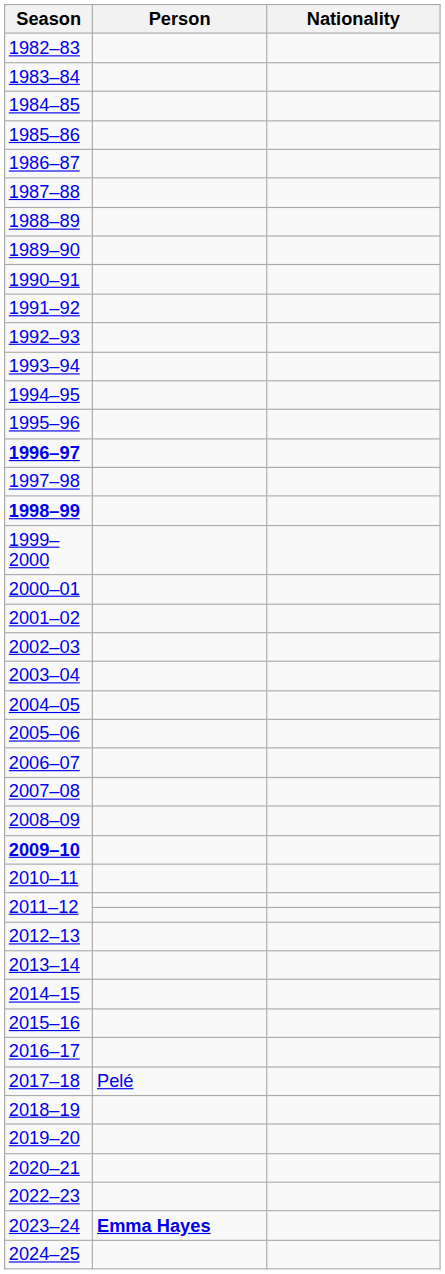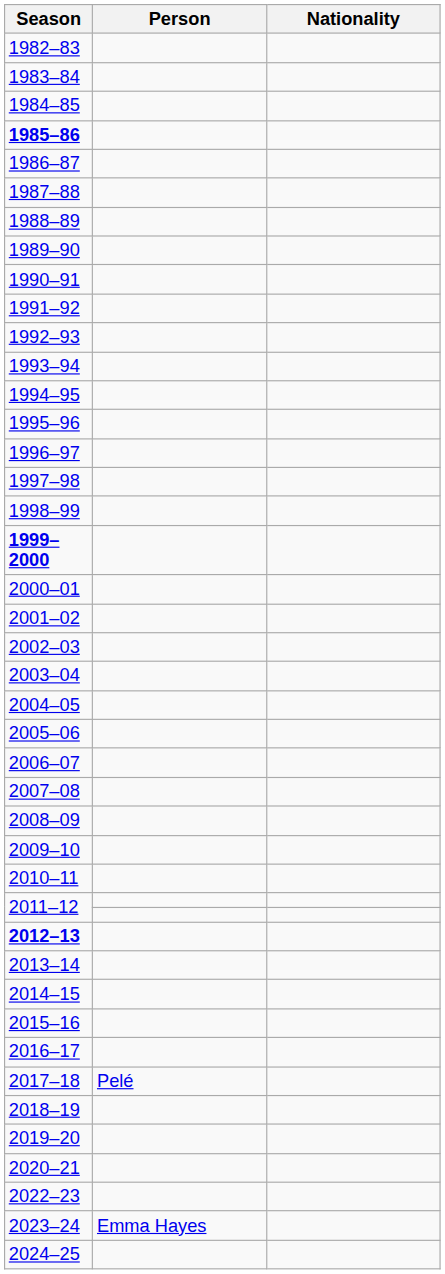 <table class="sortable wikitable plainrowheaders">
 <tr>
 <th scope="col" width=70px>Season</th>
 <th scope="col" width=145px>Person</th>
 <th scope="col" width=145px>Nationality</th>
 </tr>
 <tr>
 <td><a href='#'>1982–83</a></td>
 <td></td>
 <td></td>
 </tr>
 <tr>
 <td><a href='#'>1983–84</a></td>
 <td></td>
 <td></td>
 </tr>
 <tr>
 <td><a href='#'>1984–85</a></td>
 <td></td>
 <td></td>
 </tr>
 <tr>
-<td><a href='#'>1985–86</a></td>
+<td><strong><a href='#'>1985–86</a></strong></td>
 <td></td>
 <td></td>
 </tr>
 <tr>
 <td><a href='#'>1986–87</a></td>
 <td></td>
 <td></td>
 </tr>
 <tr>
 <td><a href='#'>1987–88</a></td>
 <td></td>
 <td></td>
 </tr>
 <tr>
 <td><a href='#'>1988–89</a></td>
 <td></td>
 <td></td>
 </tr>
 <tr>
 <td><a href='#'>1989–90</a></td>
 <td></td>
 <td></td>
 </tr>
 <tr>
 <td><a href='#'>1990–91</a></td>
 <td></td>
 <td></td>
 </tr>
 <tr>
 <td><a href='#'>1991–92</a></td>
 <td></td>
 <td></td>
 </tr>
 <tr>
 <td><a href='#'>1992–93</a></td>
 <td></td>
 <td></td>
 </tr>
 <tr>
 <td><a href='#'>1993–94</a></td>
 <td></td>
 <td></td>
 </tr>
 <tr>
 <td><a href='#'>1994–95</a></td>
 <td></td>
 <td></td>
 </tr>
 <tr>
 <td><a href='#'>1995–96</a></td>
 <td></td>
 <td></td>
 </tr>
 <tr>
-<td><strong><a href='#'>1996–97</a></strong></td>
+<td><a href='#'>1996–97</a></td>
 <td></td>
 <td></td>
 </tr>
 <tr>
 <td><a href='#'>1997–98</a></td>
 <td></td>
 <td></td>
 </tr>
 <tr>
-<td><strong><a href='#'>1998–99</a></strong></td>
+<td><a href='#'>1998–99</a></td>
 <td></td>
 <td></td>
 </tr>
 <tr>
-<td><a href='#'>1999–2000</a></td>
+<td><strong><a href='#'>1999–2000</a></strong></td>
 <td></td>
 <td></td>
 </tr>
 <tr>
 <td><a href='#'>2000–01</a></td>
 <td></td>
 <td></td>
 </tr>
 <tr>
 <td><a href='#'>2001–02</a></td>
 <td></td>
 <td></td>
 </tr>
 <tr>
 <td><a href='#'>2002–03</a></td>
 <td></td>
 <td></td>
 </tr>
 <tr>
 <td><a href='#'>2003–04</a></td>
 <td></td>
 <td></td>
 </tr>
 <tr>
 <td><a href='#'>2004–05</a></td>
 <td></td>
 <td></td>
 </tr>
 <tr>
 <td><a href='#'>2005–06</a></td>
 <td></td>
 <td></td>
 </tr>
 <tr>
 <td><a href='#'>2006–07</a></td>
 <td></td>
 <td></td>
 </tr>
 <tr>
 <td><a href='#'>2007–08</a></td>
 <td></td>
 <td></td>
 </tr>
 <tr>
 <td><a href='#'>2008–09</a></td>
 <td></td>
 <td></td>
 </tr>
 <tr>
-<td><strong><a href='#'>2009–10</a></strong></td>
+<td><a href='#'>2009–10</a></td>
 <td></td>
 <td></td>
 </tr>
 <tr>
 <td><a href='#'>2010–11</a></td>
 <td></td>
 <td></td>
 </tr>
 <tr>
 <td rowspan="2"><a href='#'>2011–12</a></td>
 <td></td>
 <td></td>
 </tr>
 <tr>
 <td></td>
 <td></td>
 </tr>
 <tr>
-<td><a href='#'>2012–13</a></td>
+<td><strong><a href='#'>2012–13</a></strong></td>
 <td></td>
 <td></td>
 </tr>
 <tr>
 <td><a href='#'>2013–14</a></td>
 <td></td>
 <td></td>
 </tr>
 <tr>
 <td><a href='#'>2014–15</a></td>
 <td></td>
 <td></td>
 </tr>
 <tr>
 <td><a href='#'>2015–16</a></td>
 <td></td>
 <td></td>
 </tr>
 <tr>
 <td><a href='#'>2016–17</a></td>
 <td></td>
 <td></td>
 </tr>
 <tr>
 <td><a href='#'>2017–18</a></td>
 <td><a href='#'>Pelé</a></td>
 <td></td>
 </tr>
 <tr>
 <td><a href='#'>2018–19</a></td>
 <td></td>
 <td></td>
 </tr>
 <tr>
 <td><a href='#'>2019–20</a></td>
 <td></td>
 <td></td>
 </tr>
 <tr>
 <td><a href='#'>2020–21</a></td>
 <td></td>
 <td></td>
 </tr>
 <tr>
 <td><a href='#'>2022–23</a></td>
 <td></td>
 <td></td>
 </tr>
 <tr>
 <td><a href='#'>2023–24</a></td>
-<td><strong><a href='#'>Emma Hayes</a></strong></td>
+<td><a href='#'>Emma Hayes</a></td>
 <td></td>
 </tr>
 <tr>
 <td><a href='#'>2024–25</a></td>
 <td></td>
 <td></td>
 </tr>
 </table>
